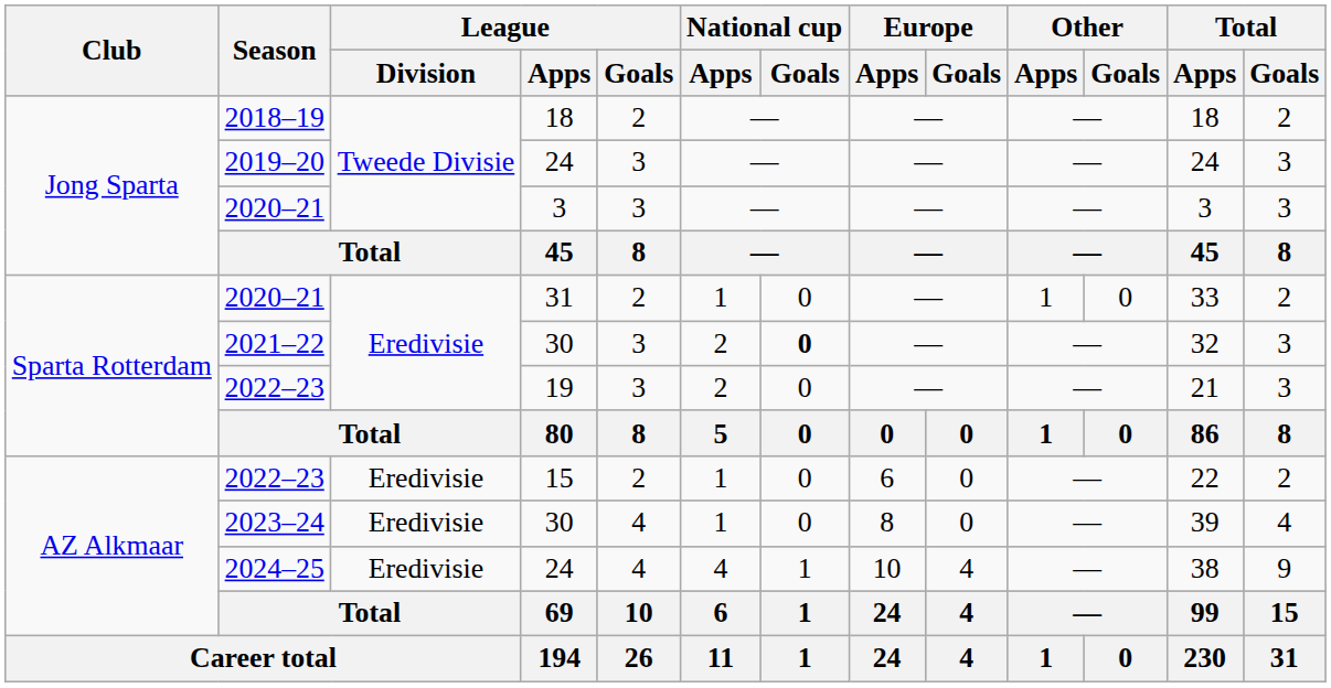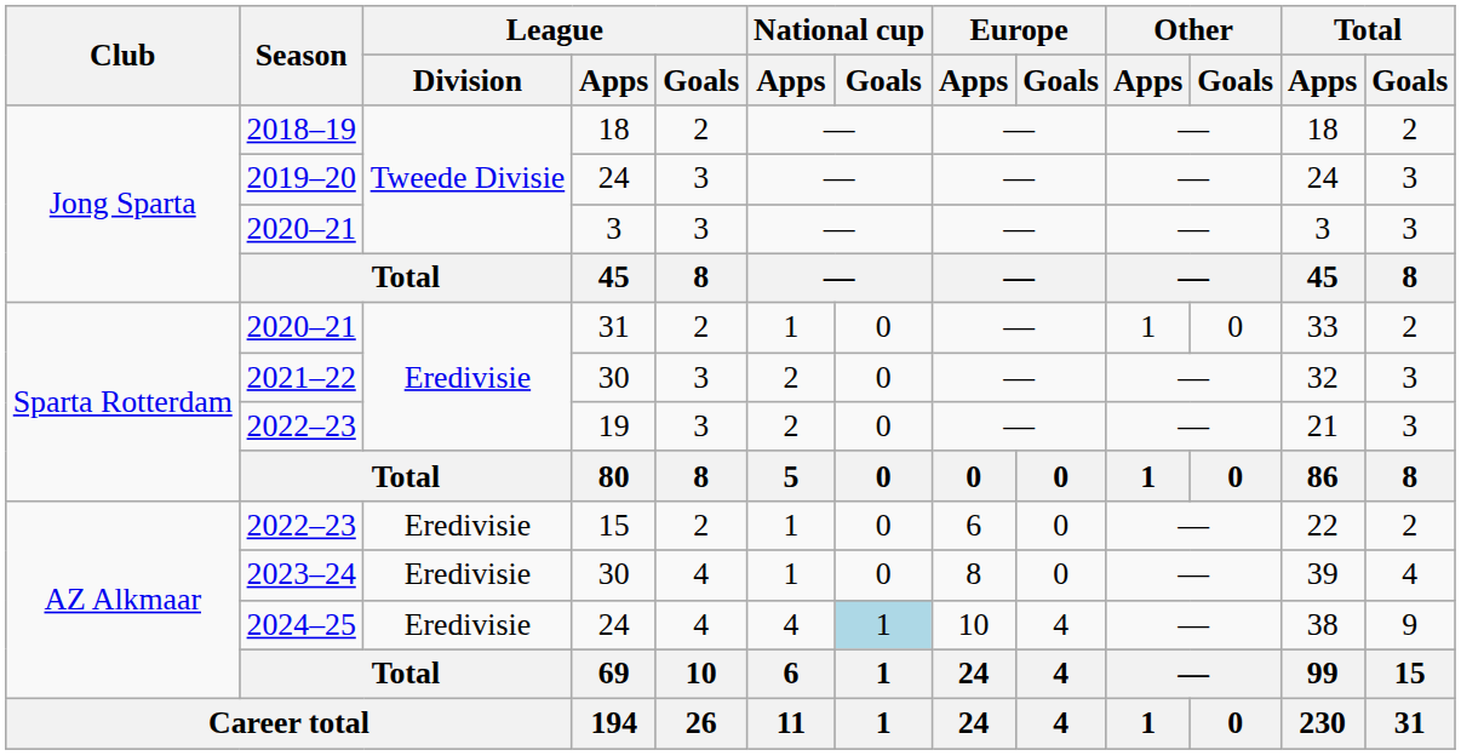 <table class="wikitable" style="text-align:center">
 <tr>
 <th rowspan="2">Club</th>
 <th rowspan="2">Season</th>
 <th colspan="3">League</th>
 <th colspan="2">National cup</th>
 <th colspan="2">Europe</th>
 <th colspan="2">Other</th>
 <th colspan="2">Total</th>
 </tr>
 <tr>
 <th>Division</th>
 <th>Apps</th>
 <th>Goals</th>
 <th>Apps</th>
 <th>Goals</th>
 <th>Apps</th>
 <th>Goals</th>
 <th>Apps</th>
 <th>Goals</th>
 <th>Apps</th>
 <th>Goals</th>
 </tr>
 <tr>
 <td rowspan="4"><a href='#'>Jong Sparta</a></td>
 <td><a href='#'>2018–19</a></td>
 <td rowspan="3"><a href='#'>Tweede Divisie</a></td>
 <td>18</td>
 <td>2</td>
 <td colspan="2">—</td>
 <td colspan="2">—</td>
 <td colspan="2">—</td>
 <td>18</td>
 <td>2</td>
 </tr>
 <tr>
 <td><a href='#'>2019–20</a></td>
 <td>24</td>
 <td>3</td>
 <td colspan="2">—</td>
 <td colspan="2">—</td>
 <td colspan="2">—</td>
 <td>24</td>
 <td>3</td>
 </tr>
 <tr>
 <td><a href='#'>2020–21</a></td>
 <td>3</td>
 <td>3</td>
 <td colspan="2">—</td>
 <td colspan="2">—</td>
 <td colspan="2">—</td>
 <td>3</td>
 <td>3</td>
 </tr>
 <tr>
 <th colspan="2">Total</th>
 <th>45</th>
 <th>8</th>
 <th colspan="2">—</th>
 <th colspan="2">—</th>
 <th colspan="2">—</th>
 <th>45</th>
 <th>8</th>
 </tr>
 <tr>
 <td rowspan="4"><a href='#'>Sparta Rotterdam</a></td>
 <td><a href='#'>2020–21</a></td>
 <td rowspan="3"><a href='#'>Eredivisie</a></td>
 <td>31</td>
 <td>2</td>
 <td>1</td>
 <td>0</td>
 <td colspan="2">—</td>
 <td>1</td>
 <td>0</td>
 <td>33</td>
 <td>2</td>
 </tr>
 <tr>
 <td><a href='#'>2021–22</a></td>
 <td>30</td>
 <td>3</td>
 <td>2</td>
-<td><strong>0</strong></td>
+<td>0</td>
 <td colspan="2">—</td>
 <td colspan="2">—</td>
 <td>32</td>
 <td>3</td>
 </tr>
 <tr>
 <td><a href='#'>2022–23</a></td>
 <td>19</td>
 <td>3</td>
 <td>2</td>
 <td>0</td>
 <td colspan="2">—</td>
 <td colspan="2">—</td>
 <td>21</td>
 <td>3</td>
 </tr>
 <tr>
 <th colspan="2">Total</th>
 <th>80</th>
 <th>8</th>
 <th>5</th>
 <th>0</th>
 <th>0</th>
 <th>0</th>
 <th>1</th>
 <th>0</th>
 <th>86</th>
 <th>8</th>
 </tr>
 <tr>
 <td rowspan="4"><a href='#'>AZ Alkmaar</a></td>
 <td><a href='#'>2022–23</a></td>
 <td>Eredivisie</td>
 <td>15</td>
 <td>2</td>
 <td>1</td>
 <td>0</td>
 <td>6</td>
 <td>0</td>
 <td colspan="2">—</td>
 <td>22</td>
 <td>2</td>
 </tr>
 <tr>
 <td><a href='#'>2023–24</a></td>
 <td>Eredivisie</td>
 <td>30</td>
 <td>4</td>
 <td>1</td>
 <td>0</td>
 <td>8</td>
 <td>0</td>
 <td colspan="2">—</td>
 <td>39</td>
 <td>4</td>
 </tr>
 <tr>
 <td><a href='#'>2024–25</a></td>
 <td>Eredivisie</td>
 <td>24</td>
 <td>4</td>
 <td>4</td>
-<td>1</td>
+<td style="background: lightblue;">1</td>
 <td>10</td>
 <td>4</td>
 <td colspan="2">—</td>
 <td>38</td>
 <td>9</td>
 </tr>
 <tr>
 <th colspan="2">Total</th>
 <th>69</th>
 <th>10</th>
 <th>6</th>
 <th>1</th>
 <th>24</th>
 <th>4</th>
 <th colspan="2">—</th>
 <th>99</th>
 <th>15</th>
 </tr>
 <tr>
 <th colspan="3">Career total</th>
 <th>194</th>
 <th>26</th>
 <th>11</th>
 <th>1</th>
 <th>24</th>
 <th>4</th>
 <th>1</th>
 <th>0</th>
 <th>230</th>
 <th>31</th>
 </tr>
 </table>
